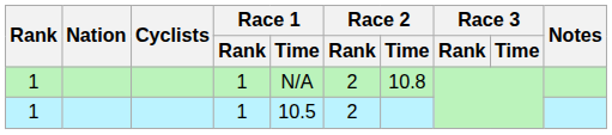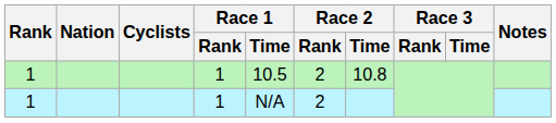 <table class="wikitable sortable" style="text-align:center">
 <tr>
 <th rowspan=2>Rank</th>
 <th rowspan=2>Nation</th>
 <th rowspan=2>Cyclists</th>
 <th colspan=2>Race 1</th>
 <th colspan=2>Race 2</th>
 <th colspan=2>Race 3</th>
 <th rowspan=2>Notes</th>
 </tr>
 <tr>
 <th>Rank</th>
 <th>Time</th>
 <th>Rank</th>
 <th>Time</th>
 <th>Rank</th>
 <th>Time</th>
 </tr>
 <tr bgcolor=#bbf3bb>
 <td>1</td>
 <td align=left></td>
 <td align=left></td>
 <td>1</td>
-<td>N/A</td>
+<td>10.5</td>
 <td>2</td>
 <td>10.8</td>
 <td colspan=2 rowspan=2></td>
 <td></td>
 </tr>
 <tr bgcolor=#bbf3ff>
 <td>1</td>
 <td align=left></td>
 <td align=left></td>
 <td>1</td>
-<td>10.5</td>
+<td>N/A</td>
 <td>2</td>
 <td></td>
 <td colspan=2></td>
 </tr>
 </table>
